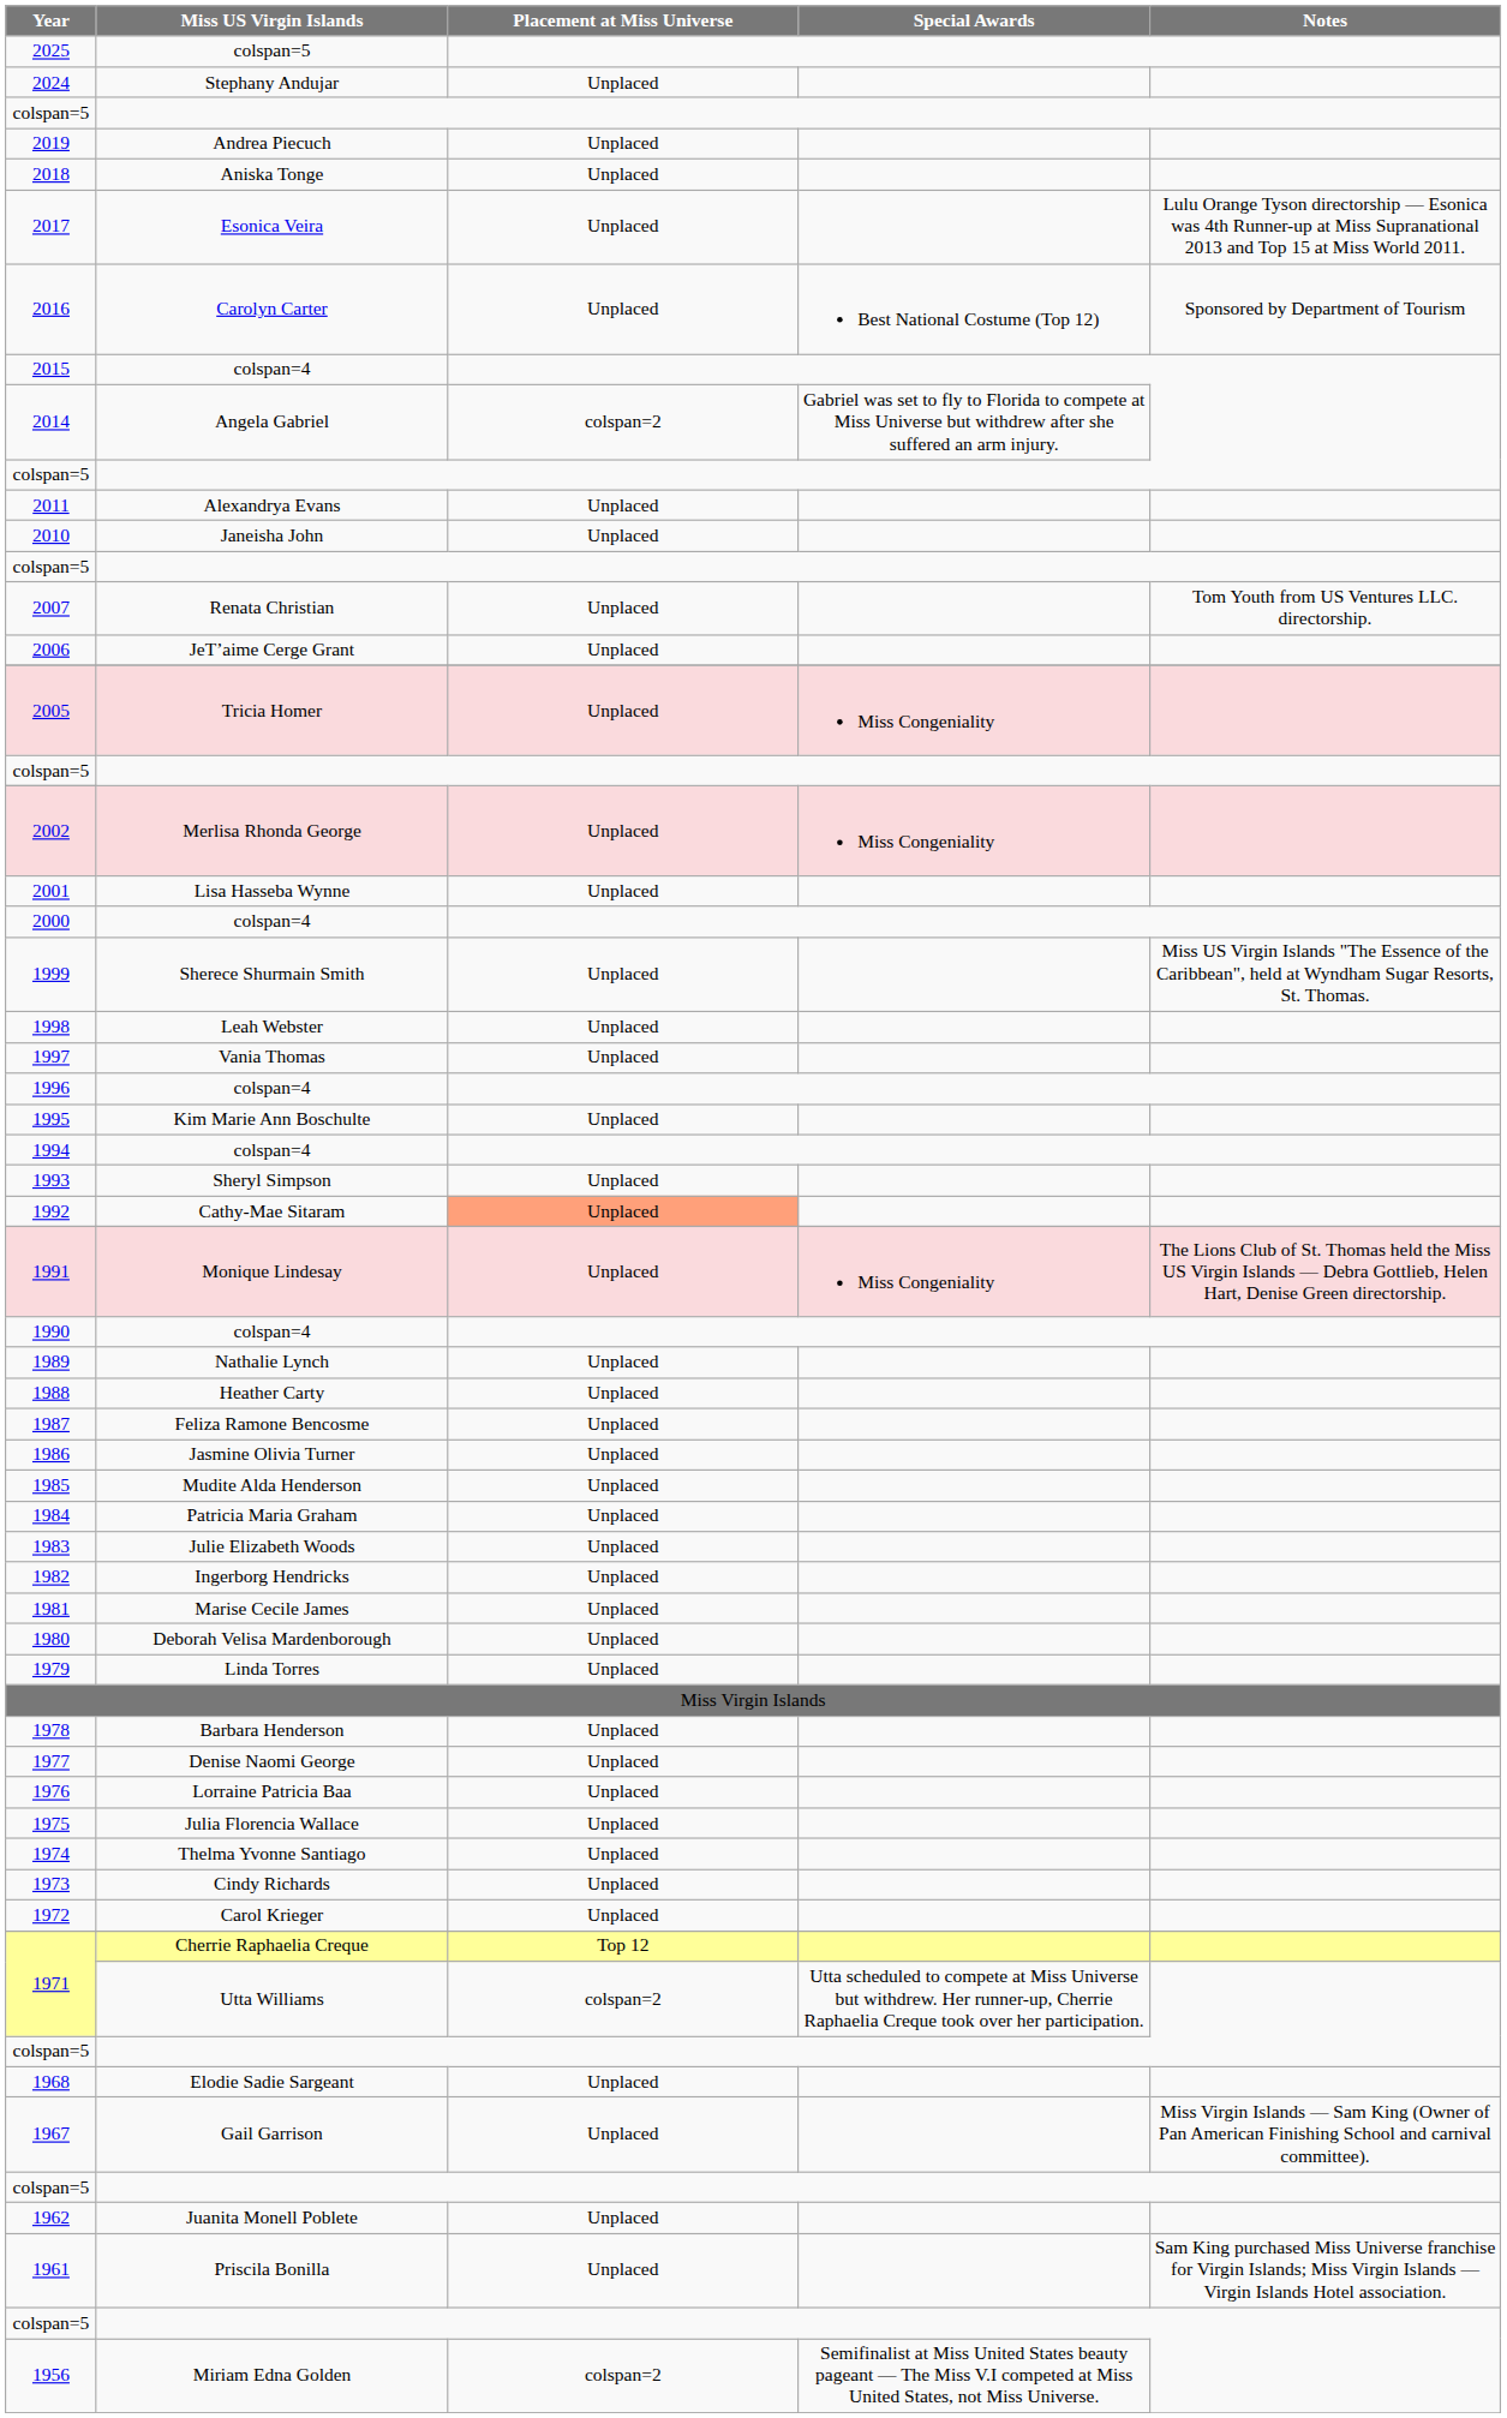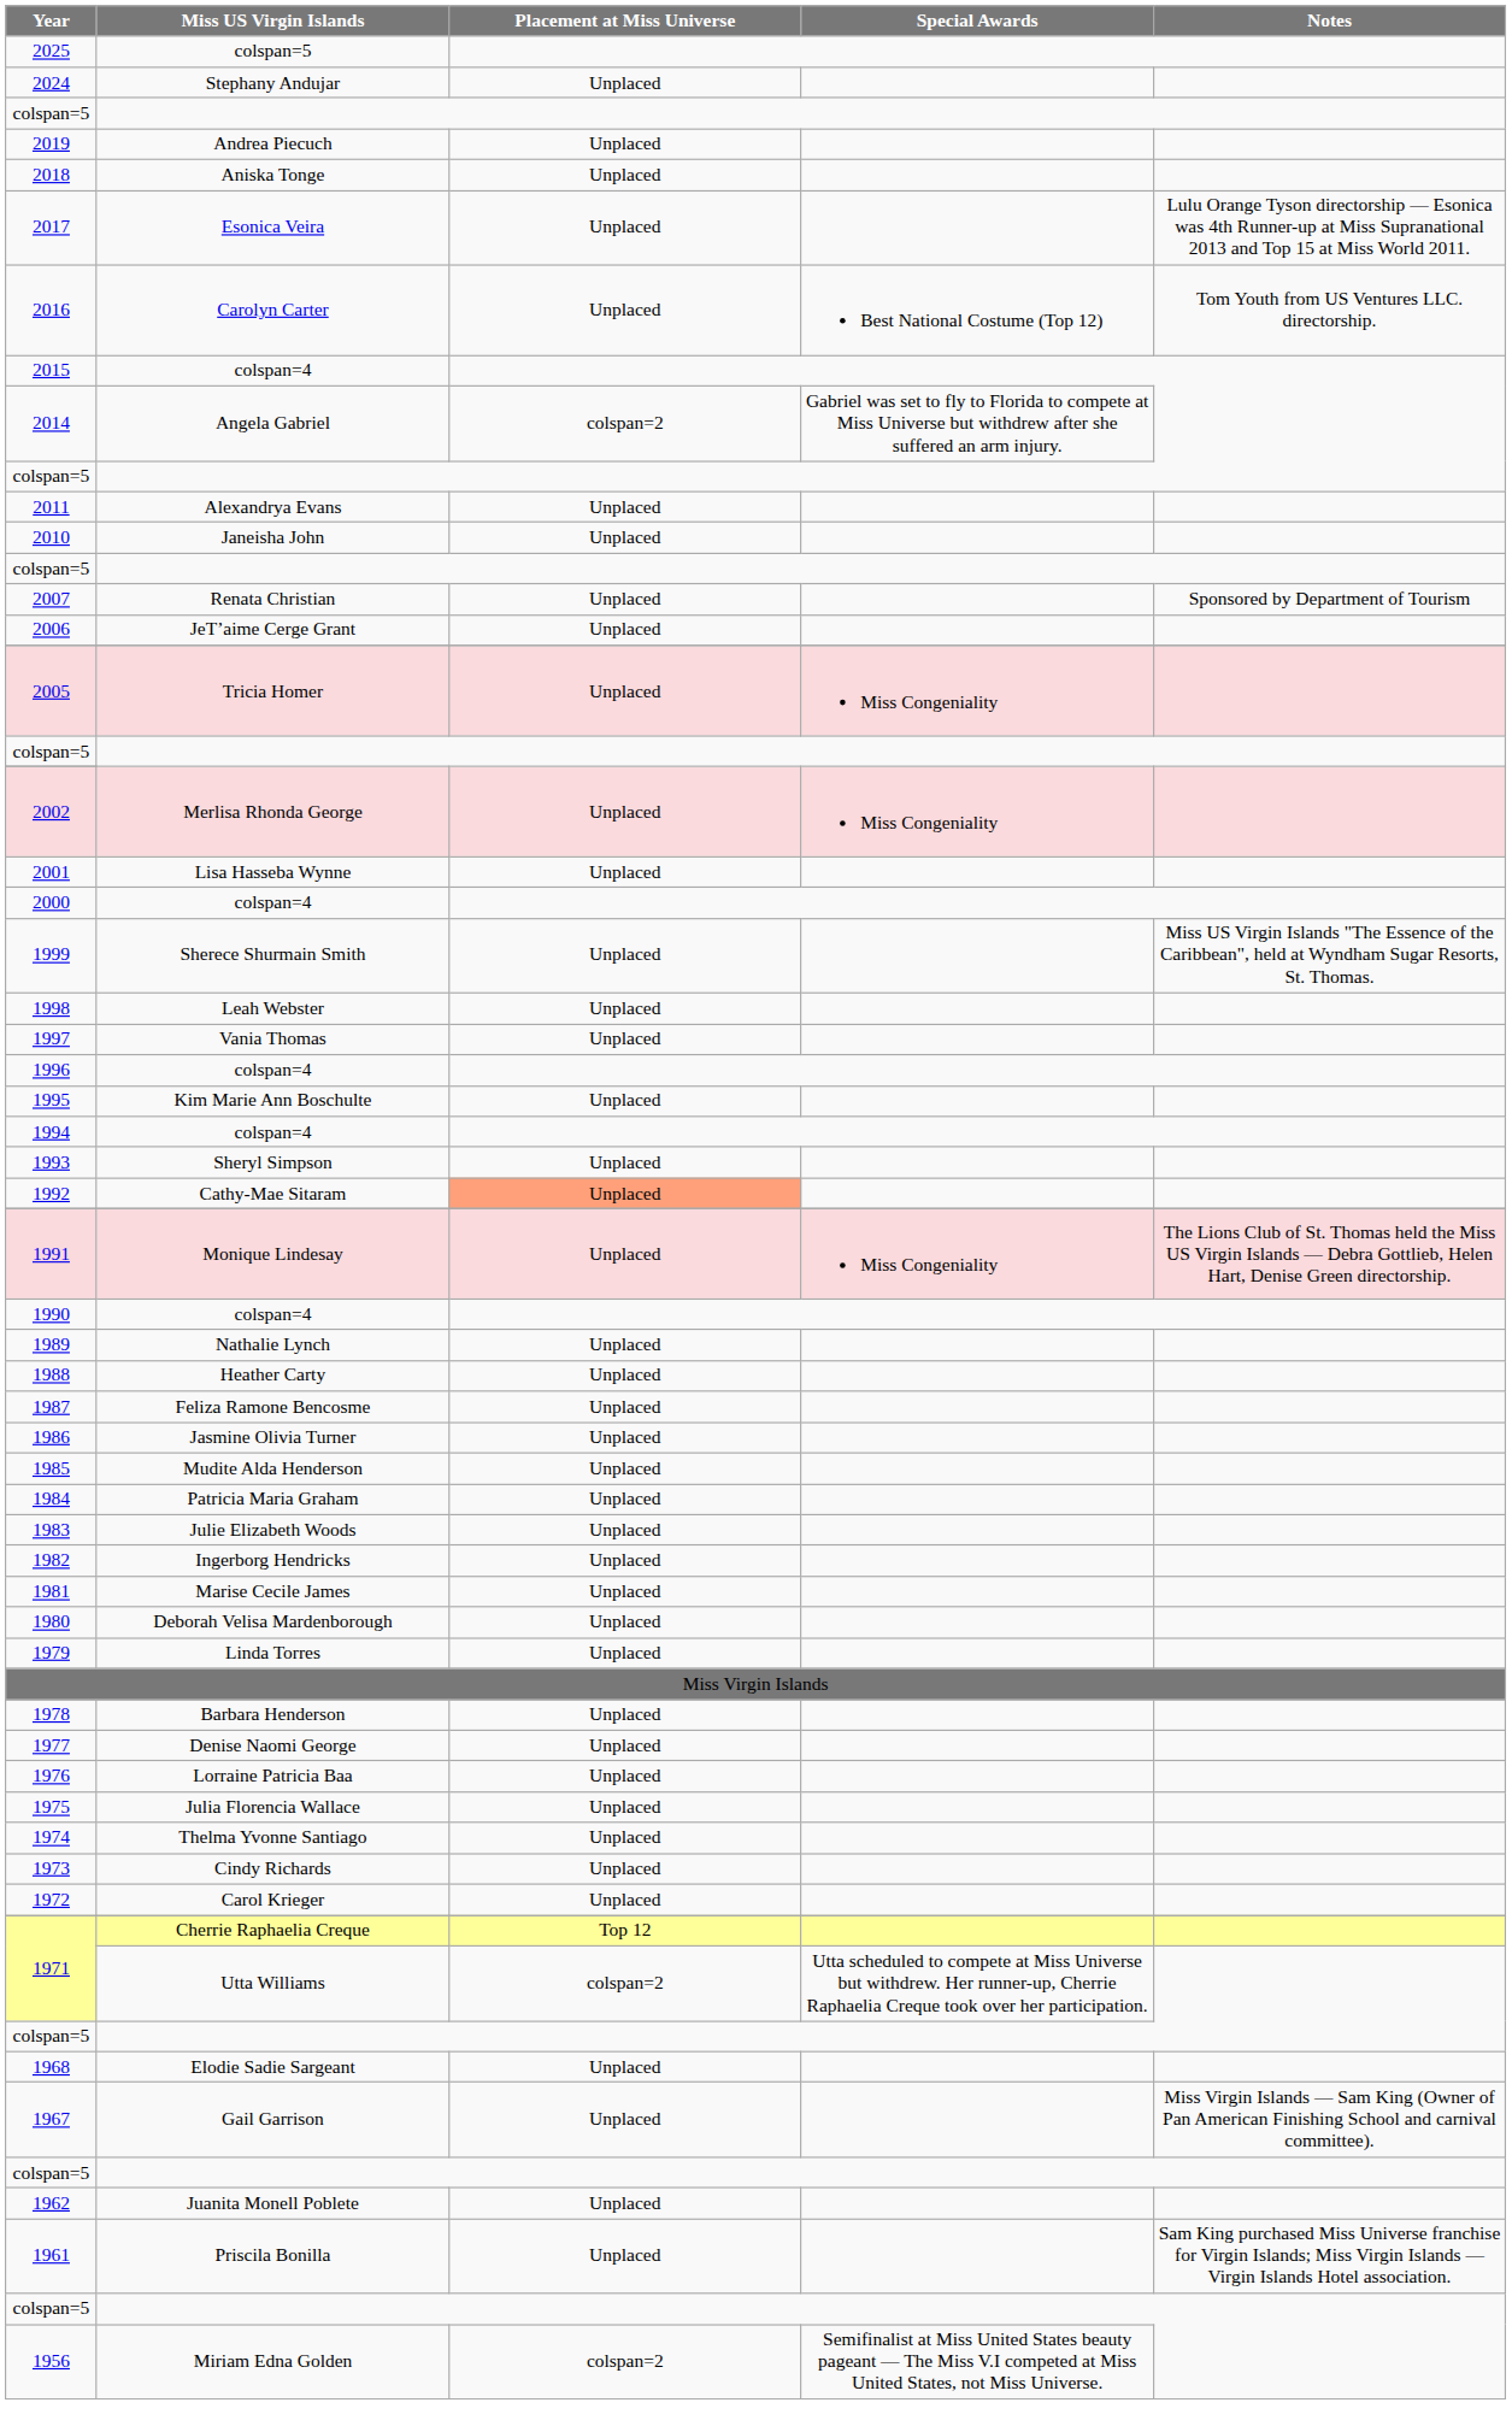 <table class="wikitable " style="font-size: 85%; text-align:center">
 <tr>
 <th width="60" style="background-color:#787878;color:#FFFFFF;">Year</th>
 <th width="250" style="background-color:#787878;color:#FFFFFF;">Miss US Virgin Islands</th>
 <th width="250" style="background-color:#787878;color:#FFFFFF;">Placement at Miss Universe</th>
 <th width="250" style="background-color:#787878;color:#FFFFFF;">Special Awards</th>
 <th width="250" style="background-color:#787878;color:#FFFFFF;">Notes</th>
 </tr>
 <tr>
 <td><a href='#'>2025</a></td>
 <td>colspan=5 </td>
 </tr>
 <tr>
 <td><a href='#'>2024</a></td>
 <td>Stephany Andujar</td>
 <td>Unplaced</td>
 <td></td>
 <td></td>
 </tr>
 <tr>
 <td>colspan=5 </td>
 </tr>
 <tr>
 <td><a href='#'>2019</a></td>
 <td>Andrea Piecuch</td>
 <td>Unplaced</td>
 <td></td>
 <td></td>
 </tr>
 <tr>
 <td><a href='#'>2018</a></td>
 <td>Aniska Tonge</td>
 <td>Unplaced</td>
 <td></td>
 <td></td>
 </tr>
 <tr>
 <td><a href='#'>2017</a></td>
 <td><a href='#'>Esonica Veira</a></td>
 <td>Unplaced</td>
 <td></td>
 <td>Lulu Orange Tyson directorship — Esonica was 4th Runner-up at Miss Supranational 2013 and Top 15 at Miss World 2011.</td>
 </tr>
 <tr>
 <td><a href='#'>2016</a></td>
 <td><a href='#'>Carolyn Carter</a></td>
 <td>Unplaced</td>
 <td align="left"><br><ul><li>Best National Costume (Top 12)</li></ul></td>
-<td>Sponsored by Department of Tourism</td>
+<td>Tom Youth from US Ventures LLC. directorship.</td>
 </tr>
 <tr>
 <td><a href='#'>2015</a></td>
 <td>colspan=4 </td>
 </tr>
 <tr>
 <td><a href='#'>2014</a></td>
 <td>Angela Gabriel</td>
 <td>colspan=2 </td>
 <td>Gabriel was set to fly to Florida to compete at Miss Universe but withdrew after she suffered an arm injury.</td>
 </tr>
 <tr>
 <td>colspan=5 </td>
 </tr>
 <tr>
 <td><a href='#'>2011</a></td>
 <td>Alexandrya Evans</td>
 <td>Unplaced</td>
 <td></td>
 <td></td>
 </tr>
 <tr>
 <td><a href='#'>2010</a></td>
 <td>Janeisha John</td>
 <td>Unplaced</td>
 <td></td>
 <td></td>
 </tr>
 <tr>
 <td>colspan=5 </td>
 </tr>
 <tr>
 <td><a href='#'>2007</a></td>
 <td>Renata Christian</td>
 <td>Unplaced</td>
 <td></td>
-<td>Tom Youth from US Ventures LLC. directorship.</td>
+<td>Sponsored by Department of Tourism</td>
 </tr>
 <tr>
 <td><a href='#'>2006</a></td>
 <td>JeT’aime Cerge Grant</td>
 <td>Unplaced</td>
 <td></td>
 <td></td>
 </tr>
 <tr>
 </tr>
 <tr style="background-color:#FADADD;">
 <td><a href='#'>2005</a></td>
 <td>Tricia Homer</td>
 <td>Unplaced</td>
 <td align="left"><br><ul><li>Miss Congeniality</li></ul></td>
 <td></td>
 </tr>
 <tr>
 <td>colspan=5 </td>
 </tr>
 <tr>
 </tr>
 <tr style="background-color:#FADADD;">
 <td><a href='#'>2002</a></td>
 <td>Merlisa Rhonda George</td>
 <td>Unplaced</td>
 <td align="left"><br><ul><li>Miss Congeniality</li></ul></td>
 <td></td>
 </tr>
 <tr>
 <td><a href='#'>2001</a></td>
 <td>Lisa Hasseba Wynne</td>
 <td>Unplaced</td>
 <td></td>
 <td></td>
 </tr>
 <tr>
 <td><a href='#'>2000</a></td>
 <td>colspan=4 </td>
 </tr>
 <tr>
 <td><a href='#'>1999</a></td>
 <td>Sherece Shurmain Smith</td>
 <td>Unplaced</td>
 <td></td>
 <td>Miss US Virgin Islands "The Essence of the Caribbean", held at Wyndham Sugar Resorts, St. Thomas.</td>
 </tr>
 <tr>
 <td><a href='#'>1998</a></td>
 <td>Leah Webster</td>
 <td>Unplaced</td>
 <td></td>
 <td></td>
 </tr>
 <tr>
 <td><a href='#'>1997</a></td>
 <td>Vania Thomas</td>
 <td>Unplaced</td>
 <td></td>
 <td></td>
 </tr>
 <tr>
 <td><a href='#'>1996</a></td>
 <td>colspan=4 </td>
 </tr>
 <tr>
 <td><a href='#'>1995</a></td>
 <td>Kim Marie Ann Boschulte</td>
 <td>Unplaced</td>
 <td></td>
 <td></td>
 </tr>
 <tr>
 <td><a href='#'>1994</a></td>
 <td>colspan=4 </td>
 </tr>
 <tr>
 <td><a href='#'>1993</a></td>
 <td>Sheryl Simpson</td>
 <td>Unplaced</td>
 <td></td>
 <td></td>
 </tr>
 <tr>
 <td><a href='#'>1992</a></td>
 <td>Cathy-Mae Sitaram</td>
 <td style="background: lightsalmon;">Unplaced</td>
 <td></td>
 <td></td>
 </tr>
 <tr>
 </tr>
 <tr style="background-color:#FADADD;">
 <td><a href='#'>1991</a></td>
 <td>Monique Lindesay</td>
 <td>Unplaced</td>
 <td align="left"><br><ul><li>Miss Congeniality</li></ul></td>
 <td>The Lions Club of St. Thomas held the Miss US Virgin Islands — Debra Gottlieb, Helen Hart, Denise Green directorship.</td>
 </tr>
 <tr>
 <td><a href='#'>1990</a></td>
 <td>colspan=4 </td>
 </tr>
 <tr>
 <td><a href='#'>1989</a></td>
 <td>Nathalie Lynch</td>
 <td>Unplaced</td>
 <td></td>
 <td></td>
 </tr>
 <tr>
 <td><a href='#'>1988</a></td>
 <td>Heather Carty</td>
 <td>Unplaced</td>
 <td></td>
 <td></td>
 </tr>
 <tr>
 <td><a href='#'>1987</a></td>
 <td>Feliza Ramone Bencosme</td>
 <td>Unplaced</td>
 <td></td>
 <td></td>
 </tr>
 <tr>
 <td><a href='#'>1986</a></td>
 <td>Jasmine Olivia Turner</td>
 <td>Unplaced</td>
 <td></td>
 <td></td>
 </tr>
 <tr>
 <td><a href='#'>1985</a></td>
 <td>Mudite Alda Henderson</td>
 <td>Unplaced</td>
 <td></td>
 <td></td>
 </tr>
 <tr>
 <td><a href='#'>1984</a></td>
 <td>Patricia Maria Graham</td>
 <td>Unplaced</td>
 <td></td>
 <td></td>
 </tr>
 <tr>
 <td><a href='#'>1983</a></td>
 <td>Julie Elizabeth Woods</td>
 <td>Unplaced</td>
 <td></td>
 <td></td>
 </tr>
 <tr>
 <td><a href='#'>1982</a></td>
 <td>Ingerborg Hendricks</td>
 <td>Unplaced</td>
 <td></td>
 <td></td>
 </tr>
 <tr>
 <td><a href='#'>1981</a></td>
 <td>Marise Cecile James</td>
 <td>Unplaced</td>
 <td></td>
 <td></td>
 </tr>
 <tr>
 <td><a href='#'>1980</a></td>
 <td>Deborah Velisa Mardenborough</td>
 <td>Unplaced</td>
 <td></td>
 <td></td>
 </tr>
 <tr>
 <td><a href='#'>1979</a></td>
 <td>Linda Torres</td>
 <td>Unplaced</td>
 <td></td>
 <td></td>
 </tr>
 <tr>
 </tr>
 <tr bgcolor="#787878" align="center">
 <td colspan="5"><span>Miss Virgin Islands</span></td>
 </tr>
 <tr>
 <td><a href='#'>1978</a></td>
 <td>Barbara Henderson</td>
 <td>Unplaced</td>
 <td></td>
 <td></td>
 </tr>
 <tr>
 <td><a href='#'>1977</a></td>
 <td>Denise Naomi George</td>
 <td>Unplaced</td>
 <td></td>
 <td></td>
 </tr>
 <tr>
 <td><a href='#'>1976</a></td>
 <td>Lorraine Patricia Baa</td>
 <td>Unplaced</td>
 <td></td>
 <td></td>
 </tr>
 <tr>
 <td><a href='#'>1975</a></td>
 <td>Julia Florencia Wallace</td>
 <td>Unplaced</td>
 <td></td>
 <td></td>
 </tr>
 <tr>
 <td><a href='#'>1974</a></td>
 <td>Thelma Yvonne Santiago</td>
 <td>Unplaced</td>
 <td></td>
 <td></td>
 </tr>
 <tr>
 <td><a href='#'>1973</a></td>
 <td>Cindy Richards</td>
 <td>Unplaced</td>
 <td></td>
 <td></td>
 </tr>
 <tr>
 <td><a href='#'>1972</a></td>
 <td>Carol Krieger</td>
 <td>Unplaced</td>
 <td></td>
 <td></td>
 </tr>
 <tr>
 </tr>
 <tr style="background-color:#FFFF99;">
 <td rowspan=2><a href='#'>1971</a></td>
 <td>Cherrie Raphaelia Creque</td>
 <td>Top 12</td>
 <td></td>
 <td></td>
 </tr>
 <tr>
 <td>Utta Williams</td>
 <td>colspan=2 </td>
 <td>Utta scheduled to compete at Miss Universe but withdrew. Her runner-up, Cherrie Raphaelia Creque took over her participation.</td>
 </tr>
 <tr>
 <td>colspan=5 </td>
 </tr>
 <tr>
 <td><a href='#'>1968</a></td>
 <td>Elodie Sadie Sargeant</td>
 <td>Unplaced</td>
 <td></td>
 <td></td>
 </tr>
 <tr>
 <td><a href='#'>1967</a></td>
 <td>Gail Garrison</td>
 <td>Unplaced</td>
 <td></td>
 <td>Miss Virgin Islands — Sam King (Owner of Pan American Finishing School and carnival committee).</td>
 </tr>
 <tr>
 <td>colspan=5 </td>
 </tr>
 <tr>
 <td><a href='#'>1962</a></td>
 <td>Juanita Monell Poblete</td>
 <td>Unplaced</td>
 <td></td>
 <td></td>
 </tr>
 <tr>
 <td><a href='#'>1961</a></td>
 <td>Priscila Bonilla</td>
 <td>Unplaced</td>
 <td></td>
 <td>Sam King purchased Miss Universe franchise for Virgin Islands; Miss Virgin Islands — Virgin Islands Hotel association.</td>
 </tr>
 <tr>
 <td>colspan=5 </td>
 </tr>
 <tr>
 <td><a href='#'>1956</a></td>
 <td>Miriam Edna Golden</td>
 <td>colspan=2 </td>
 <td>Semifinalist at Miss United States beauty pageant — The Miss V.I competed at Miss United States, not Miss Universe.</td>
 </tr>
 <tr>
 </tr>
 </table>
